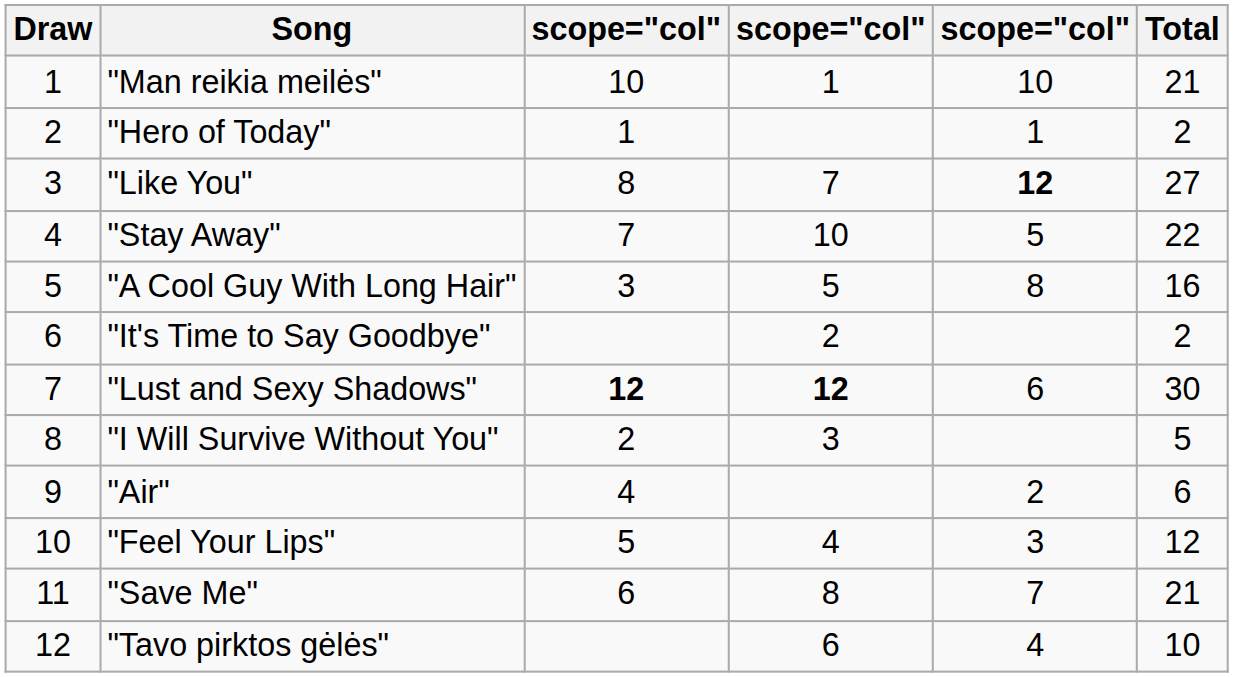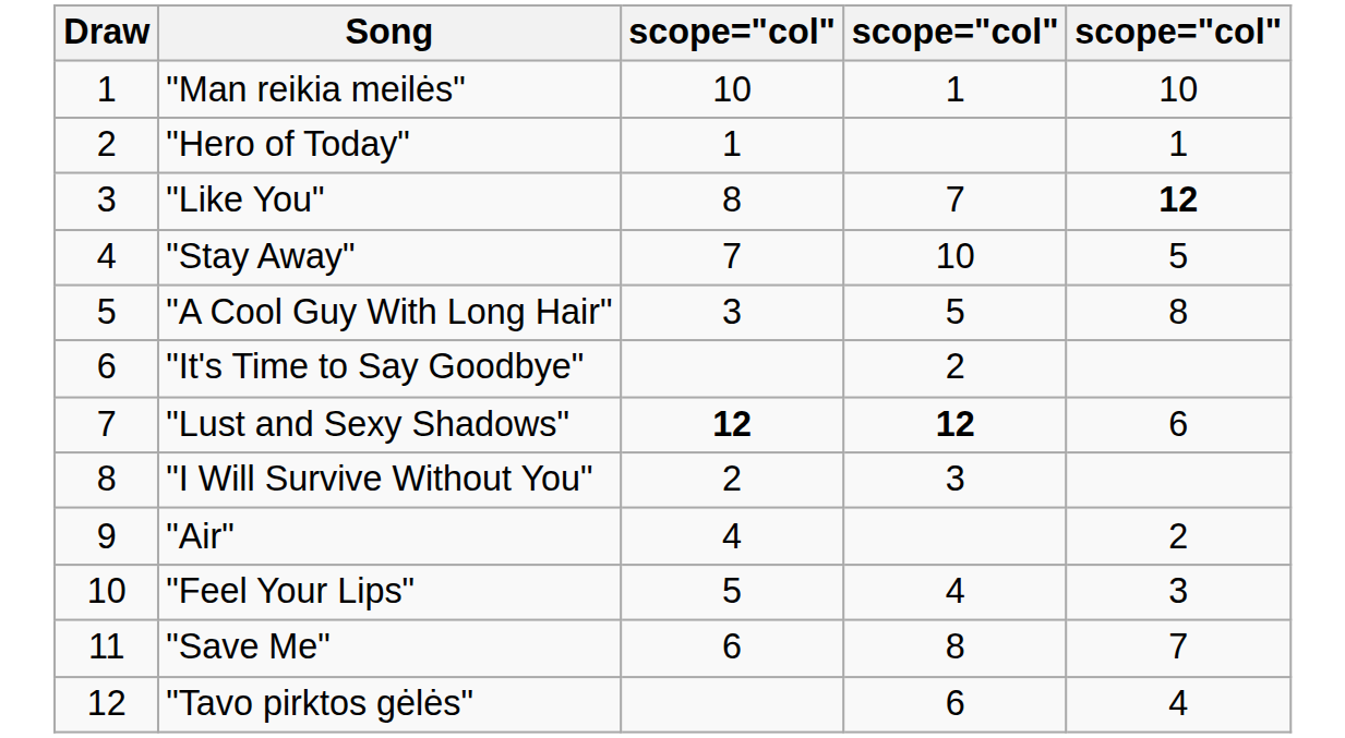 <table class="wikitable collapsible" style="margin: 1em auto 1em auto; text-align:center;">
 <tr>
 <th>Draw</th>
 <th>Song</th>
 <th>scope="col" </th>
 <th>scope="col" </th>
 <th>scope="col" </th>
-<th>Total</th>
 </tr>
 <tr>
 <td>1</td>
 <td align="left">"Man reikia meilės"</td>
 <td>10</td>
 <td>1</td>
 <td>10</td>
-<td>21</td>
 </tr>
 <tr>
 <td>2</td>
 <td align="left">"Hero of Today"</td>
 <td>1</td>
 <td></td>
 <td>1</td>
-<td>2</td>
 </tr>
 <tr>
 <td>3</td>
 <td align="left">"Like You"</td>
 <td>8</td>
 <td>7</td>
 <td><strong>12</strong></td>
-<td>27</td>
 </tr>
 <tr>
 <td>4</td>
 <td align="left">"Stay Away"</td>
 <td>7</td>
 <td>10</td>
 <td>5</td>
-<td>22</td>
 </tr>
 <tr>
 <td>5</td>
 <td align="left">"A Cool Guy With Long Hair"</td>
 <td>3</td>
 <td>5</td>
 <td>8</td>
-<td>16</td>
 </tr>
 <tr>
 <td>6</td>
 <td align="left">"It's Time to Say Goodbye"</td>
 <td></td>
 <td>2</td>
 <td></td>
-<td>2</td>
 </tr>
 <tr>
 <td>7</td>
 <td align="left">"Lust and Sexy Shadows"</td>
 <td><strong>12</strong></td>
 <td><strong>12</strong></td>
 <td>6</td>
-<td>30</td>
 </tr>
 <tr>
 <td>8</td>
 <td align="left">"I Will Survive Without You"</td>
 <td>2</td>
 <td>3</td>
 <td></td>
-<td>5</td>
 </tr>
 <tr>
 <td>9</td>
 <td align="left">"Air"</td>
 <td>4</td>
 <td></td>
 <td>2</td>
-<td>6</td>
 </tr>
 <tr>
 <td>10</td>
 <td align="left">"Feel Your Lips"</td>
 <td>5</td>
 <td>4</td>
 <td>3</td>
-<td>12</td>
 </tr>
 <tr>
 <td>11</td>
 <td align="left">"Save Me"</td>
 <td>6</td>
 <td>8</td>
 <td>7</td>
-<td>21</td>
 </tr>
 <tr>
 <td>12</td>
 <td align="left">"Tavo pirktos gėlės"</td>
 <td></td>
 <td>6</td>
 <td>4</td>
-<td>10</td>
 </tr>
 </table>
